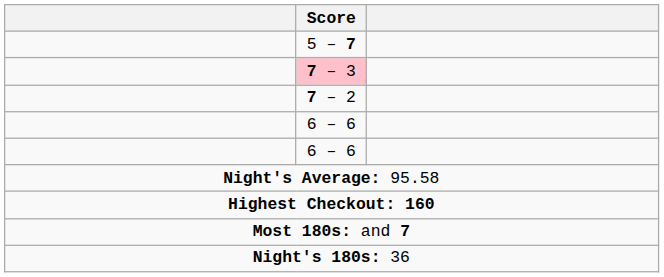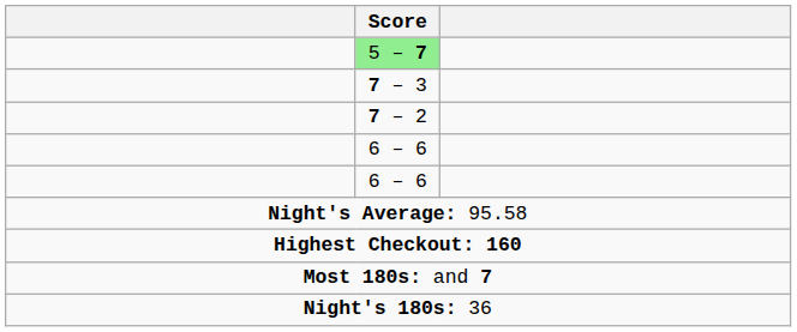 <table class=wikitable style="text-align:center">
 <tr>
 <th width=225></th>
 <th width=50>Score</th>
 <th width=225></th>
 </tr>
 <tr align=left>
 <td align=right></td>
-<td align=center>5 – <strong>7</strong></td>
+<td align=center style="background: lightgreen;">5 – <strong>7</strong></td>
 <td></td>
 </tr>
 <tr align=left>
 <td align=right></td>
-<td align=center style="background: pink;"><strong>7</strong> – 3</td>
+<td align=center><strong>7</strong> – 3</td>
 <td></td>
 </tr>
 <tr align=left>
 <td align=right></td>
 <td align=center><strong>7</strong> – 2</td>
 <td></td>
 </tr>
 <tr align=left>
 <td align=right></td>
 <td align=center>6 – 6</td>
 <td></td>
 </tr>
 <tr align=left>
 <td align=right></td>
 <td align=center>6 – 6</td>
 <td></td>
 </tr>
 <tr align=center>
 <td colspan="3"><strong>Night's Average:</strong> 95.58</td>
 </tr>
 <tr align=center>
 <td colspan="3"><strong>Highest Checkout:</strong>  <strong>160</strong></td>
 </tr>
 <tr align=center>
 <td colspan="3"><strong>Most 180s:</strong>  and  <strong>7</strong></td>
 </tr>
 <tr align=center>
 <td colspan="3"><strong>Night's 180s:</strong> 36</td>
 </tr>
 </table>
